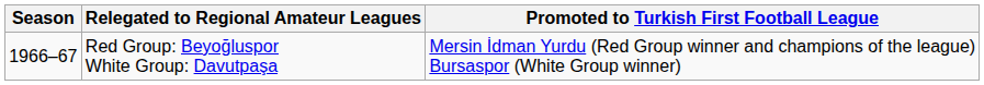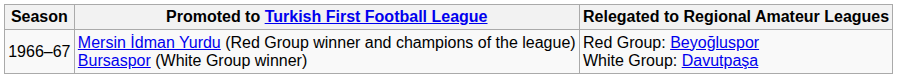 <table class="wikitable">
 <tr>
 <th>Season</th>
+<th>Promoted to <a href='#'>Turkish First Football League</a></th>
 <th>Relegated to Regional Amateur Leagues</th>
-<th>Promoted to <a href='#'>Turkish First Football League</a></th>
 </tr>
 <tr>
 <td>1966–67</td>
+<td><a href='#'>Mersin İdman Yurdu</a> (Red Group winner and champions of the league)<br><a href='#'>Bursaspor</a> (White Group winner)</td>
 <td>Red Group: <a href='#'>Beyoğluspor</a><br>White Group: <a href='#'>Davutpaşa</a></td>
-<td><a href='#'>Mersin İdman Yurdu</a> (Red Group winner and champions of the league)<br><a href='#'>Bursaspor</a> (White Group winner)</td>
 </tr>
 </table>
